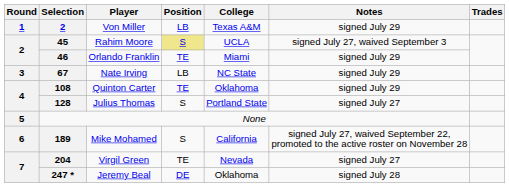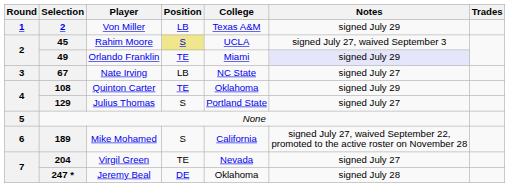 <table class="wikitable" style="text-align:center">
 <tr>
 <th>Round</th>
 <th>Selection</th>
 <th>Player</th>
 <th>Position</th>
 <th>College</th>
 <th>Notes</th>
 <th>Trades</th>
 </tr>
 <tr>
 <th><a href='#'>1</a></th>
 <th><a href='#'>2</a></th>
 <td><a href='#'>Von Miller</a></td>
 <td><a href='#'>LB</a></td>
 <td><a href='#'>Texas A&M</a></td>
 <td>signed July 29</td>
 <td></td>
 </tr>
 <tr>
 <th rowspan="2">2</th>
 <th>45</th>
 <td><a href='#'>Rahim Moore</a></td>
 <td style="background: khaki;"><a href='#'>S</a></td>
 <td><a href='#'>UCLA</a></td>
 <td>signed July 27, waived September 3</td>
 <td rowspan=2> </td>
 </tr>
 <tr>
-<th>46</th>
+<th>49</th>
 <td><a href='#'>Orlando Franklin</a></td>
 <td><a href='#'>TE</a></td>
 <td><a href='#'>Miami</a></td>
-<td>signed July 29</td>
+<td style="background: lavender;">signed July 29</td>
 </tr>
 <tr>
 <th>3</th>
 <th>67</th>
 <td><a href='#'>Nate Irving</a></td>
 <td>LB</td>
 <td><a href='#'>NC State</a></td>
-<td>signed July 29</td>
+<td>signed July 27</td>
 <td></td>
 </tr>
 <tr>
 <th rowspan="2">4</th>
 <th>108</th>
 <td><a href='#'>Quinton Carter</a></td>
 <td><a href='#'>TE</a></td>
 <td><a href='#'>Oklahoma</a></td>
 <td>signed July 29</td>
 <td> </td>
 </tr>
 <tr>
-<th>128</th>
+<th>129</th>
 <td><a href='#'>Julius Thomas</a></td>
 <td>S</td>
 <td><a href='#'>Portland State</a></td>
 <td>signed July 27</td>
 <td></td>
 </tr>
 <tr>
 <th>5</th>
 <td colspan="5"><em>None</em></td>
 <td> </td>
 </tr>
 <tr>
 <th>6</th>
 <th>189</th>
 <td><a href='#'>Mike Mohamed</a></td>
 <td>S</td>
 <td><a href='#'>California</a></td>
 <td>signed July 27, waived September 22,<br>promoted to the active roster on November 28</td>
 <td> </td>
 </tr>
 <tr>
 <th rowspan="2">7</th>
 <th>204</th>
 <td><a href='#'>Virgil Green</a></td>
 <td>TE</td>
 <td><a href='#'>Nevada</a></td>
 <td>signed July 27</td>
 <td></td>
 </tr>
 <tr>
 <th>247 *</th>
 <td><a href='#'>Jeremy Beal</a></td>
 <td><a href='#'>DE</a></td>
 <td>Oklahoma</td>
 <td>signed July 28</td>
 <td></td>
 </tr>
 </table>
